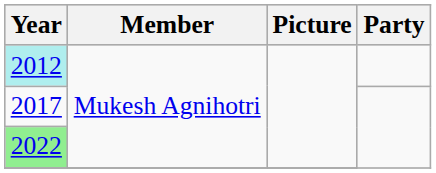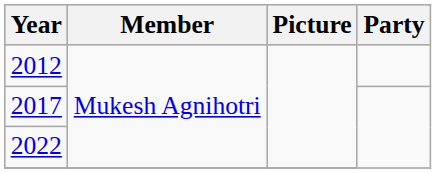 <table class="wikitable sortable">
 <tr>
 <th>Year</th>
 <th>Member</th>
 <th>Picture</th>
 <th colspan="4">Party</th>
 </tr>
 <tr>
-<td style="background: paleturquoise;"><a href='#'>2012</a></td>
+<td><a href='#'>2012</a></td>
 <td rowspan="3"><a href='#'>Mukesh Agnihotri</a></td>
 <td rowspan="3"></td>
 <td></td>
 </tr>
 <tr>
 <td><a href='#'>2017</a></td>
 </tr>
 <tr>
-<td style="background: lightgreen;"><a href='#'>2022</a></td>
+<td><a href='#'>2022</a></td>
 </tr>
 <tr>
 </tr>
 </table>
